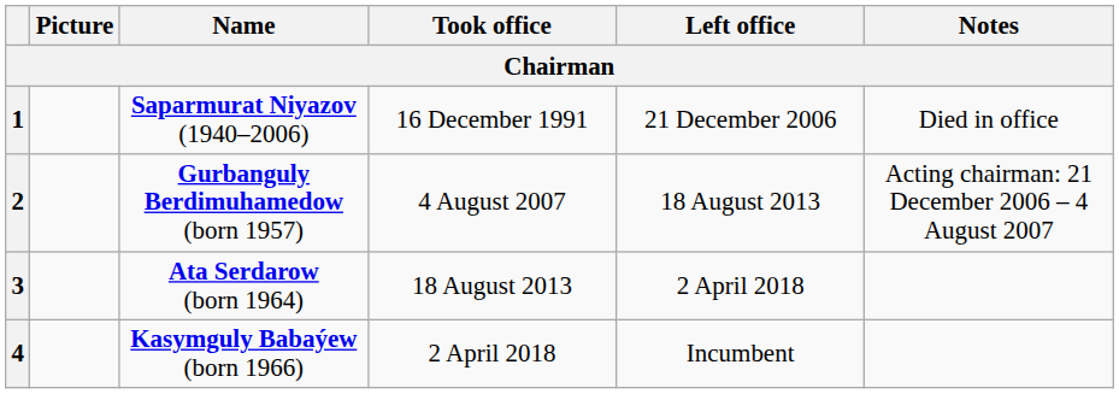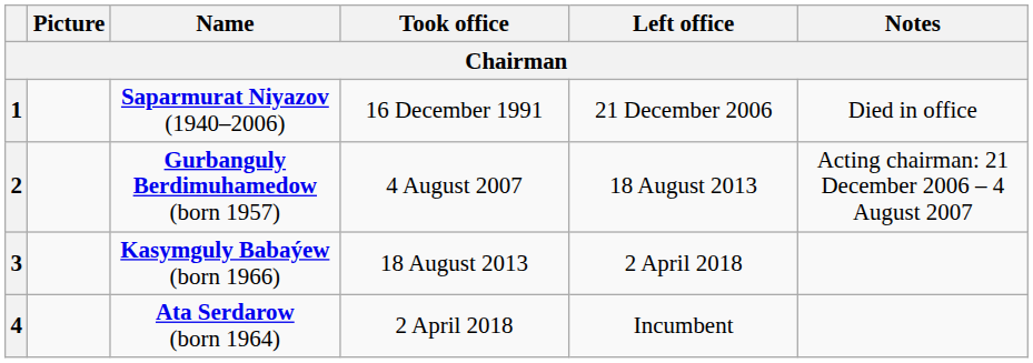 <table class="wikitable" style="text-align:center">
 <tr>
 <th></th>
 <th>Picture</th>
 <th width="150">Name<br></th>
 <th width="150">Took office</th>
 <th width="150">Left office</th>
 <th width="150">Notes</th>
 </tr>
 <tr>
 <th colspan="6" align="center">Chairman</th>
 </tr>
 <tr>
 <th style="background:">1</th>
 <td></td>
 <td><strong><a href='#'>Saparmurat Niyazov</a></strong><br>(1940–2006)</td>
 <td>16 December 1991</td>
 <td>21 December 2006</td>
 <td>Died in office</td>
 </tr>
 <tr>
 <th style="background:">2</th>
 <td></td>
 <td><strong><a href='#'>Gurbanguly Berdimuhamedow</a></strong><br>(born 1957)</td>
 <td>4 August 2007</td>
 <td>18 August 2013</td>
 <td>Acting chairman: 21 December 2006 – 4 August 2007</td>
 </tr>
 <tr>
 <th style="background:">3</th>
 <td></td>
-<td><strong><a href='#'>Ata Serdarow</a></strong><br>(born 1964)</td>
+<td><strong><a href='#'>Kasymguly Babaýew</a></strong><br>(born 1966)</td>
 <td>18 August 2013</td>
 <td>2 April 2018</td>
 <td></td>
 </tr>
 <tr>
 <th style="background:">4</th>
 <td></td>
-<td><strong><a href='#'>Kasymguly Babaýew</a></strong><br>(born 1966)</td>
+<td><strong><a href='#'>Ata Serdarow</a></strong><br>(born 1964)</td>
 <td>2 April 2018</td>
 <td>Incumbent</td>
 <td></td>
 </tr>
 </table>
